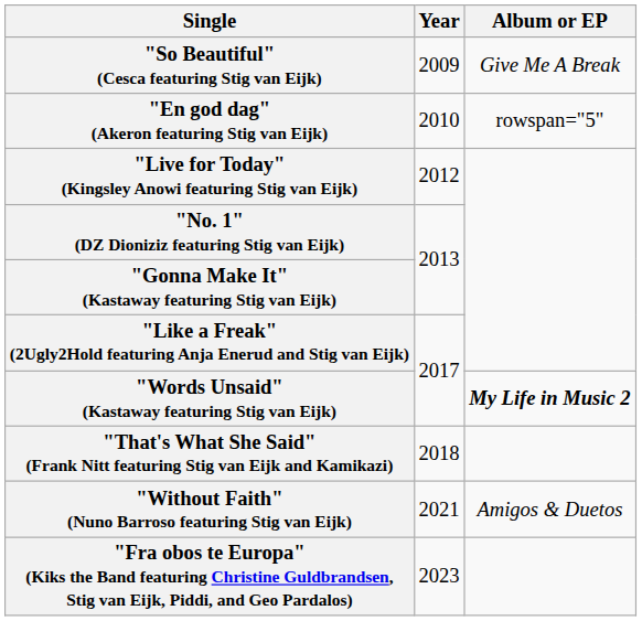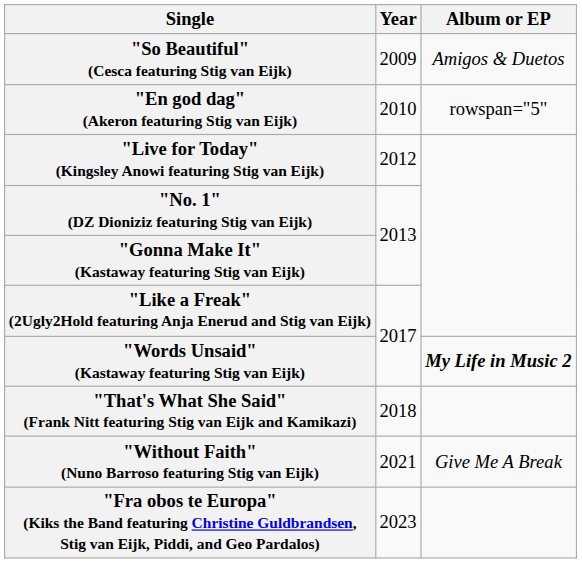 <table class="wikitable plainrowheaders" style="text-align:center;">
 <tr>
 <th scope="col">Single</th>
 <th scope="col">Year</th>
 <th scope="col">Album or EP</th>
 </tr>
 <tr>
 <th scope="row">"So Beautiful"<br><small>(Cesca featuring Stig van Eijk)</small></th>
 <td>2009</td>
-<td><em>Give Me A Break</em></td>
+<td><em>Amigos & Duetos</em></td>
 </tr>
 <tr>
 <th scope="row">"En god dag"<br><small>(Akeron featuring Stig van Eijk)</small></th>
 <td>2010</td>
 <td>rowspan="5" </td>
 </tr>
 <tr>
 <th scope="row">"Live for Today"<br><small>(Kingsley Anowi featuring Stig van Eijk)</small></th>
 <td>2012</td>
 </tr>
 <tr>
 <th scope="row">"No. 1"<br><small>(DZ Dioniziz featuring Stig van Eijk)</small></th>
 <td rowspan="2">2013</td>
 </tr>
 <tr>
 <th scope="row">"Gonna Make It"<br><small>(Kastaway featuring Stig van Eijk)</small></th>
 </tr>
 <tr>
 <th scope="row">"Like a Freak"<br><small>(2Ugly2Hold featuring Anja Enerud and Stig van Eijk)</small></th>
 <td rowspan="2">2017</td>
 </tr>
 <tr>
 <th scope="row">"Words Unsaid"<br><small>(Kastaway featuring Stig van Eijk)</small></th>
 <td><strong><em>My Life in Music 2</em></strong></td>
 </tr>
 <tr>
 <th scope="row">"That's What She Said"<br><small>(Frank Nitt featuring Stig van Eijk and Kamikazi)</small></th>
 <td>2018</td>
 <td></td>
 </tr>
 <tr>
 <th scope="row">"Without Faith"<br><small>(Nuno Barroso featuring Stig van Eijk)</small></th>
 <td>2021</td>
-<td><em>Amigos & Duetos</em></td>
+<td><em>Give Me A Break</em></td>
 </tr>
 <tr>
 <th scope="row">"Fra obos te Europa"<br><small>(Kiks the Band featuring <a href='#'>Christine Guldbrandsen</a>,<br>Stig van Eijk, Piddi, and Geo Pardalos)</small></th>
 <td>2023</td>
 <td></td>
 </tr>
 </table>
